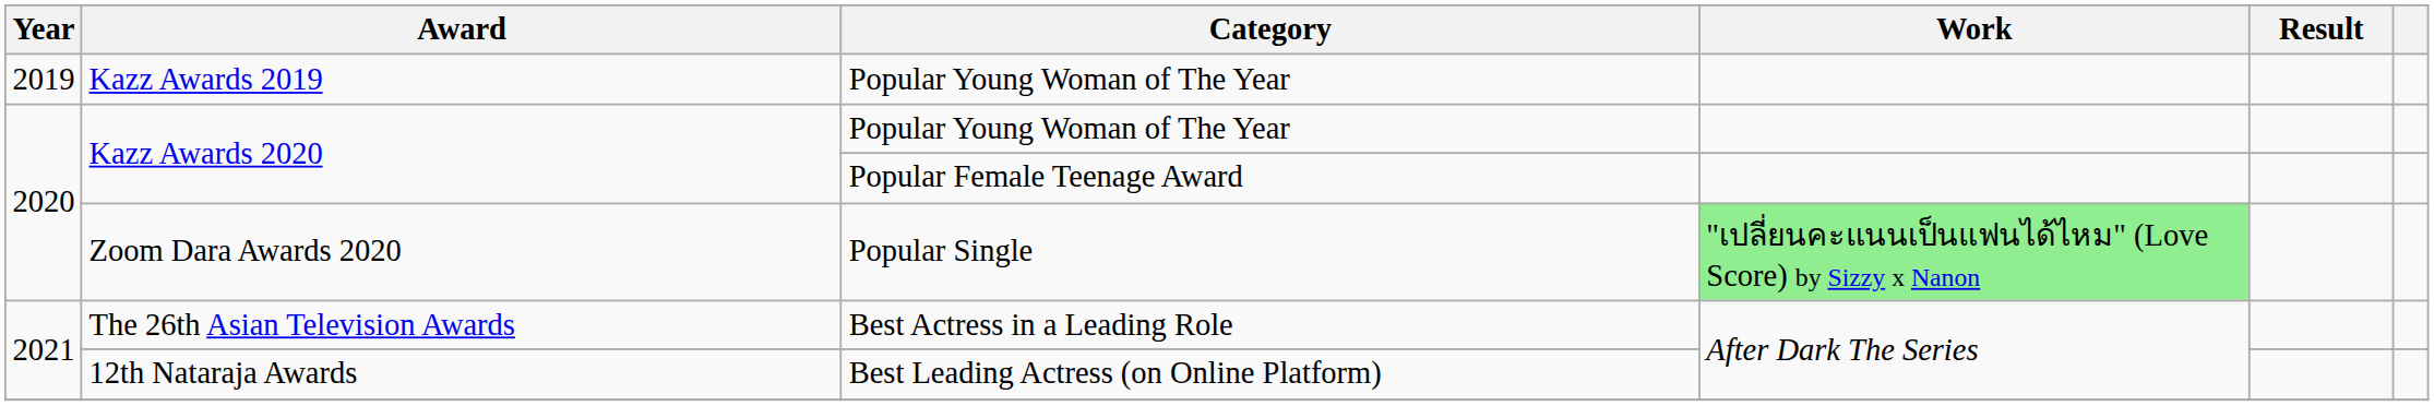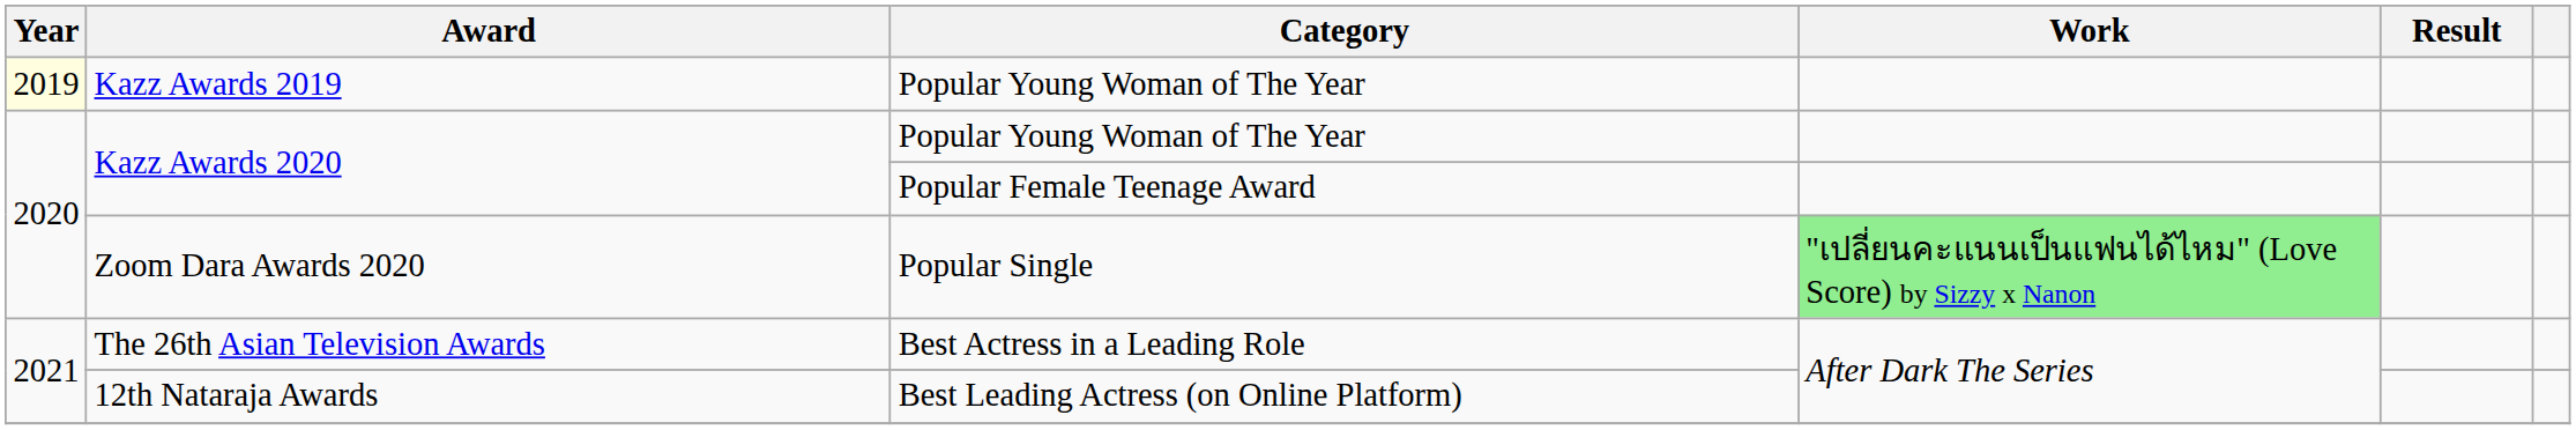 <table class="wikitable sortable mw-collapsible">
 <tr>
 <th scope="col" style="width:1em;">Year</th>
 <th scope="col" style="width:35em;">Award</th>
 <th scope="col" style="width:40em;">Category</th>
 <th scope="col" style="width:25em;">Work</th>
 <th scope="col" style="width:5em;">Result</th>
 <th scope="col" style="width:1em;" class="unsortable"></th>
 </tr>
 <tr>
-<td>2019</td>
+<td style="background: lightyellow;">2019</td>
 <td><a href='#'>Kazz Awards 2019</a></td>
 <td>Popular Young Woman of The Year</td>
 <td></td>
 <td></td>
 <td style="text-align: center;"></td>
 </tr>
 <tr>
 <td rowspan="3">2020</td>
 <td rowspan="2"><a href='#'>Kazz Awards 2020</a></td>
 <td>Popular Young Woman of The Year</td>
 <td></td>
 <td></td>
 <td style="text-align: center;"></td>
 </tr>
 <tr>
 <td>Popular Female Teenage Award</td>
 <td></td>
 <td></td>
 <td style="text-align: center;"></td>
 </tr>
 <tr>
 <td>Zoom Dara Awards 2020</td>
 <td>Popular Single</td>
 <td style="background: lightgreen;">"เปลี่ยนคะแนนเป็นแฟนได้ไหม" (Love Score) <small>by <a href='#'>Sizzy</a> x <a href='#'>Nanon</a></small></td>
 <td></td>
 <td style="text-align: center;"></td>
 </tr>
 <tr>
 <td rowspan="2">2021</td>
 <td>The 26th <a href='#'>Asian Television Awards</a></td>
 <td>Best Actress in a Leading Role</td>
 <td rowspan="2"><em>After Dark The Series</em></td>
 <td></td>
 <td></td>
 </tr>
 <tr>
 <td>12th Nataraja Awards</td>
 <td>Best Leading Actress (on Online Platform)</td>
 <td></td>
 <td></td>
 </tr>
 <tr>
 </tr>
 </table>
